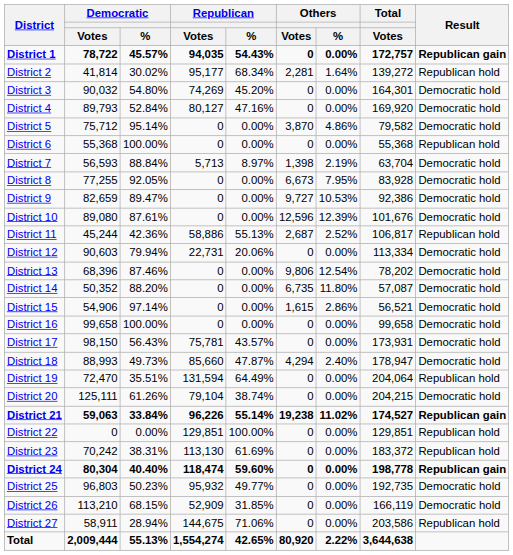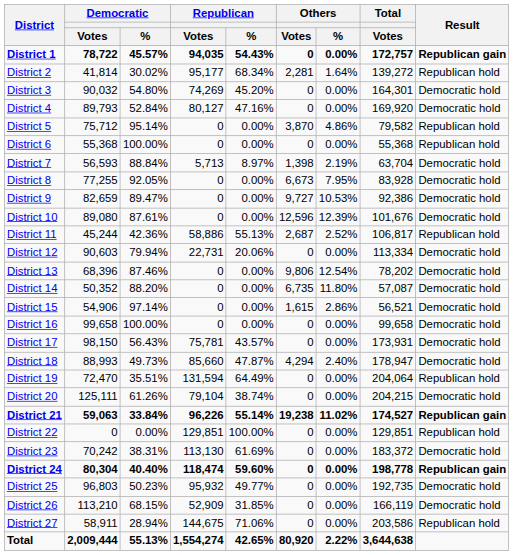 <table class="wikitable plainrowheaders sortable" style="font-size:100%; text-align:right;">
 <tr>
 <th scope=col rowspan=3><a href='#'>District</a></th>
 <th scope=col colspan=2><a href='#'>Democratic</a></th>
 <th scope=col colspan=2><a href='#'>Republican</a></th>
 <th scope=col colspan=2>Others</th>
 <th scope=col>Total</th>
 <th scope=col rowspan=3>Result</th>
 </tr>
 <tr>
 <th scope=col colspan=2 style="background:"></th>
 <th scope=col colspan=2 style="background:"></th>
 <th scope=col colspan=2></th>
 <th scope=col></th>
 </tr>
 <tr>
 <th scope=col data-sort-type="number">Votes</th>
 <th scope=col data-sort-type="number">%</th>
 <th scope=col data-sort-type="number">Votes</th>
 <th scope=col data-sort-type="number">%</th>
 <th scope=col data-sort-type="number">Votes</th>
 <th scope=col data-sort-type="number">%</th>
 <th scope=col data-sort-type="number">Votes</th>
 </tr>
 <tr>
 <td align=left><strong><a href='#'>District 1</a></strong></td>
 <td><strong>78,722</strong></td>
 <td><strong>45.57%</strong></td>
 <td><strong>94,035</strong></td>
 <td><strong>54.43%</strong></td>
 <td><strong>0</strong></td>
 <td><strong>0.00%</strong></td>
 <td><strong>172,757</strong></td>
 <td align=left><strong>Republican gain</strong></td>
 </tr>
 <tr>
 <td align=left><a href='#'>District 2</a></td>
 <td>41,814</td>
 <td>30.02%</td>
 <td>95,177</td>
 <td>68.34%</td>
 <td>2,281</td>
 <td>1.64%</td>
 <td>139,272</td>
 <td align=left>Republican hold</td>
 </tr>
 <tr>
 <td align=left><a href='#'>District 3</a></td>
 <td>90,032</td>
 <td>54.80%</td>
 <td>74,269</td>
 <td>45.20%</td>
 <td>0</td>
 <td>0.00%</td>
 <td>164,301</td>
 <td align=left>Democratic hold</td>
 </tr>
 <tr>
 <td align=left><a href='#'>District 4</a></td>
 <td>89,793</td>
 <td>52.84%</td>
 <td>80,127</td>
 <td>47.16%</td>
 <td>0</td>
 <td>0.00%</td>
 <td>169,920</td>
 <td align=left>Democratic hold</td>
 </tr>
 <tr>
 <td align=left><a href='#'>District 5</a></td>
 <td>75,712</td>
 <td>95.14%</td>
 <td>0</td>
 <td>0.00%</td>
 <td>3,870</td>
 <td>4.86%</td>
 <td>79,582</td>
-<td align=left>Democratic hold</td>
+<td align=left>Republican hold</td>
 </tr>
 <tr>
 <td align=left><a href='#'>District 6</a></td>
 <td>55,368</td>
 <td>100.00%</td>
 <td>0</td>
 <td>0.00%</td>
 <td>0</td>
 <td>0.00%</td>
 <td>55,368</td>
 <td align=left>Republican hold</td>
 </tr>
 <tr>
 <td align=left><a href='#'>District 7</a></td>
 <td>56,593</td>
 <td>88.84%</td>
 <td>5,713</td>
 <td>8.97%</td>
 <td>1,398</td>
 <td>2.19%</td>
 <td>63,704</td>
 <td align=left>Democratic hold</td>
 </tr>
 <tr>
 <td align=left><a href='#'>District 8</a></td>
 <td>77,255</td>
 <td>92.05%</td>
 <td>0</td>
 <td>0.00%</td>
 <td>6,673</td>
 <td>7.95%</td>
 <td>83,928</td>
 <td align=left>Democratic hold</td>
 </tr>
 <tr>
 <td align=left><a href='#'>District 9</a></td>
 <td>82,659</td>
 <td>89.47%</td>
 <td>0</td>
 <td>0.00%</td>
 <td>9,727</td>
 <td>10.53%</td>
 <td>92,386</td>
 <td align=left>Democratic hold</td>
 </tr>
 <tr>
 <td align=left><a href='#'>District 10</a></td>
 <td>89,080</td>
 <td>87.61%</td>
 <td>0</td>
 <td>0.00%</td>
 <td>12,596</td>
 <td>12.39%</td>
 <td>101,676</td>
 <td align=left>Democratic hold</td>
 </tr>
 <tr>
 <td align=left><a href='#'>District 11</a></td>
 <td>45,244</td>
 <td>42.36%</td>
 <td>58,886</td>
 <td>55.13%</td>
 <td>2,687</td>
 <td>2.52%</td>
 <td>106,817</td>
 <td align=left>Republican hold</td>
 </tr>
 <tr>
 <td align=left><a href='#'>District 12</a></td>
 <td>90,603</td>
 <td>79.94%</td>
 <td>22,731</td>
 <td>20.06%</td>
 <td>0</td>
 <td>0.00%</td>
 <td>113,334</td>
 <td align=left>Democratic hold</td>
 </tr>
 <tr>
 <td align=left><a href='#'>District 13</a></td>
 <td>68,396</td>
 <td>87.46%</td>
 <td>0</td>
 <td>0.00%</td>
 <td>9,806</td>
 <td>12.54%</td>
 <td>78,202</td>
 <td align=left>Democratic hold</td>
 </tr>
 <tr>
 <td align=left><a href='#'>District 14</a></td>
 <td>50,352</td>
 <td>88.20%</td>
 <td>0</td>
 <td>0.00%</td>
 <td>6,735</td>
 <td>11.80%</td>
 <td>57,087</td>
 <td align=left>Democratic hold</td>
 </tr>
 <tr>
 <td align=left><a href='#'>District 15</a></td>
 <td>54,906</td>
 <td>97.14%</td>
 <td>0</td>
 <td>0.00%</td>
 <td>1,615</td>
 <td>2.86%</td>
 <td>56,521</td>
 <td align=left>Democratic hold</td>
 </tr>
 <tr>
 <td align=left><a href='#'>District 16</a></td>
 <td>99,658</td>
 <td>100.00%</td>
 <td>0</td>
 <td>0.00%</td>
 <td>0</td>
 <td>0.00%</td>
 <td>99,658</td>
 <td align=left>Democratic hold</td>
 </tr>
 <tr>
 <td align=left><a href='#'>District 17</a></td>
 <td>98,150</td>
 <td>56.43%</td>
 <td>75,781</td>
 <td>43.57%</td>
 <td>0</td>
 <td>0.00%</td>
 <td>173,931</td>
 <td align=left>Democratic hold</td>
 </tr>
 <tr>
 <td align=left><a href='#'>District 18</a></td>
 <td>88,993</td>
 <td>49.73%</td>
 <td>85,660</td>
 <td>47.87%</td>
 <td>4,294</td>
 <td>2.40%</td>
 <td>178,947</td>
 <td align=left>Democratic hold</td>
 </tr>
 <tr>
 <td align=left><a href='#'>District 19</a></td>
 <td>72,470</td>
 <td>35.51%</td>
 <td>131,594</td>
 <td>64.49%</td>
 <td>0</td>
 <td>0.00%</td>
 <td>204,064</td>
 <td align=left>Republican hold</td>
 </tr>
 <tr>
 <td align=left><a href='#'>District 20</a></td>
 <td>125,111</td>
 <td>61.26%</td>
 <td>79,104</td>
 <td>38.74%</td>
 <td>0</td>
 <td>0.00%</td>
 <td>204,215</td>
 <td align=left>Democratic hold</td>
 </tr>
 <tr>
 <td align=left><strong><a href='#'>District 21</a></strong></td>
 <td><strong>59,063</strong></td>
 <td><strong>33.84%</strong></td>
 <td><strong>96,226</strong></td>
 <td><strong>55.14%</strong></td>
 <td><strong>19,238</strong></td>
 <td><strong>11.02%</strong></td>
 <td><strong>174,527</strong></td>
 <td align=left><strong>Republican gain</strong></td>
 </tr>
 <tr>
 <td align=left><a href='#'>District 22</a></td>
 <td>0</td>
 <td>0.00%</td>
 <td>129,851</td>
 <td>100.00%</td>
 <td>0</td>
 <td>0.00%</td>
 <td>129,851</td>
 <td align=left>Republican hold</td>
 </tr>
 <tr>
 <td align=left><a href='#'>District 23</a></td>
 <td>70,242</td>
 <td>38.31%</td>
 <td>113,130</td>
 <td>61.69%</td>
 <td>0</td>
 <td>0.00%</td>
 <td>183,372</td>
-<td align=left>Republican hold</td>
+<td align=left>Democratic hold</td>
 </tr>
 <tr>
 <td align=left><strong><a href='#'>District 24</a></strong></td>
 <td><strong>80,304</strong></td>
 <td><strong>40.40%</strong></td>
 <td><strong>118,474</strong></td>
 <td><strong>59.60%</strong></td>
 <td><strong>0</strong></td>
 <td><strong>0.00%</strong></td>
 <td><strong>198,778</strong></td>
 <td align=left><strong>Republican gain</strong></td>
 </tr>
 <tr>
 <td align=left><a href='#'>District 25</a></td>
 <td>96,803</td>
 <td>50.23%</td>
 <td>95,932</td>
 <td>49.77%</td>
 <td>0</td>
 <td>0.00%</td>
 <td>192,735</td>
 <td align=left>Democratic hold</td>
 </tr>
 <tr>
 <td align=left><a href='#'>District 26</a></td>
 <td>113,210</td>
 <td>68.15%</td>
 <td>52,909</td>
 <td>31.85%</td>
 <td>0</td>
 <td>0.00%</td>
 <td>166,119</td>
 <td align=left>Democratic hold</td>
 </tr>
 <tr>
 <td align=left><a href='#'>District 27</a></td>
 <td>58,911</td>
 <td>28.94%</td>
 <td>144,675</td>
 <td>71.06%</td>
 <td>0</td>
 <td>0.00%</td>
 <td>203,586</td>
 <td align=left>Republican hold</td>
 </tr>
 <tr class="sortbottom" style="font-weight:bold">
 <td align=left>Total</td>
 <td>2,009,444</td>
 <td>55.13%</td>
 <td>1,554,274</td>
 <td>42.65%</td>
 <td>80,920</td>
 <td>2.22%</td>
 <td>3,644,638</td>
 <td></td>
 </tr>
 </table>
